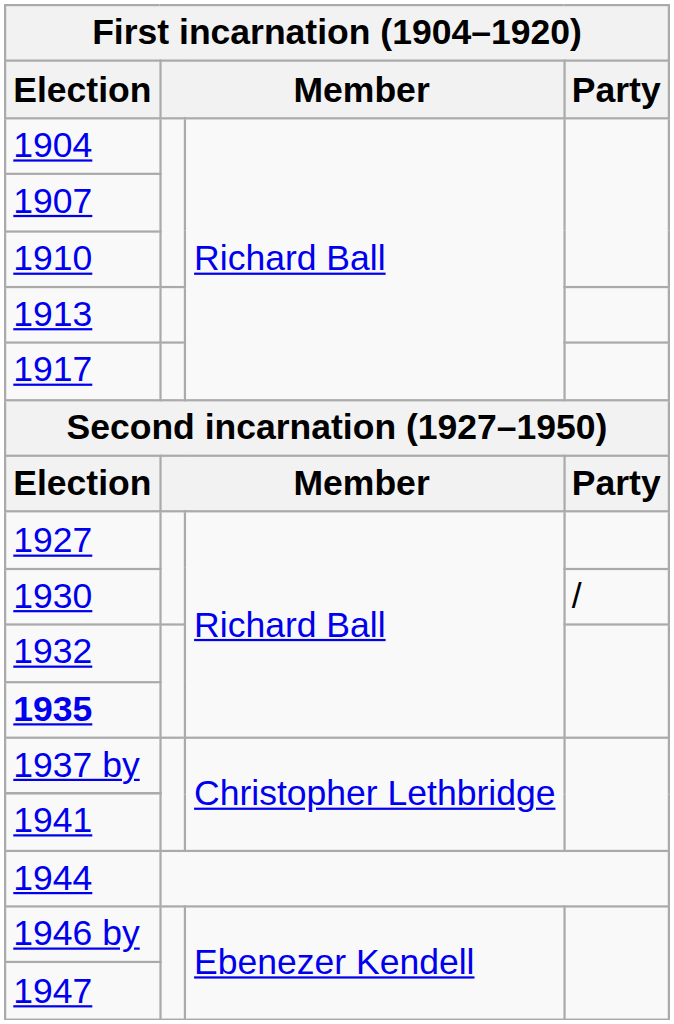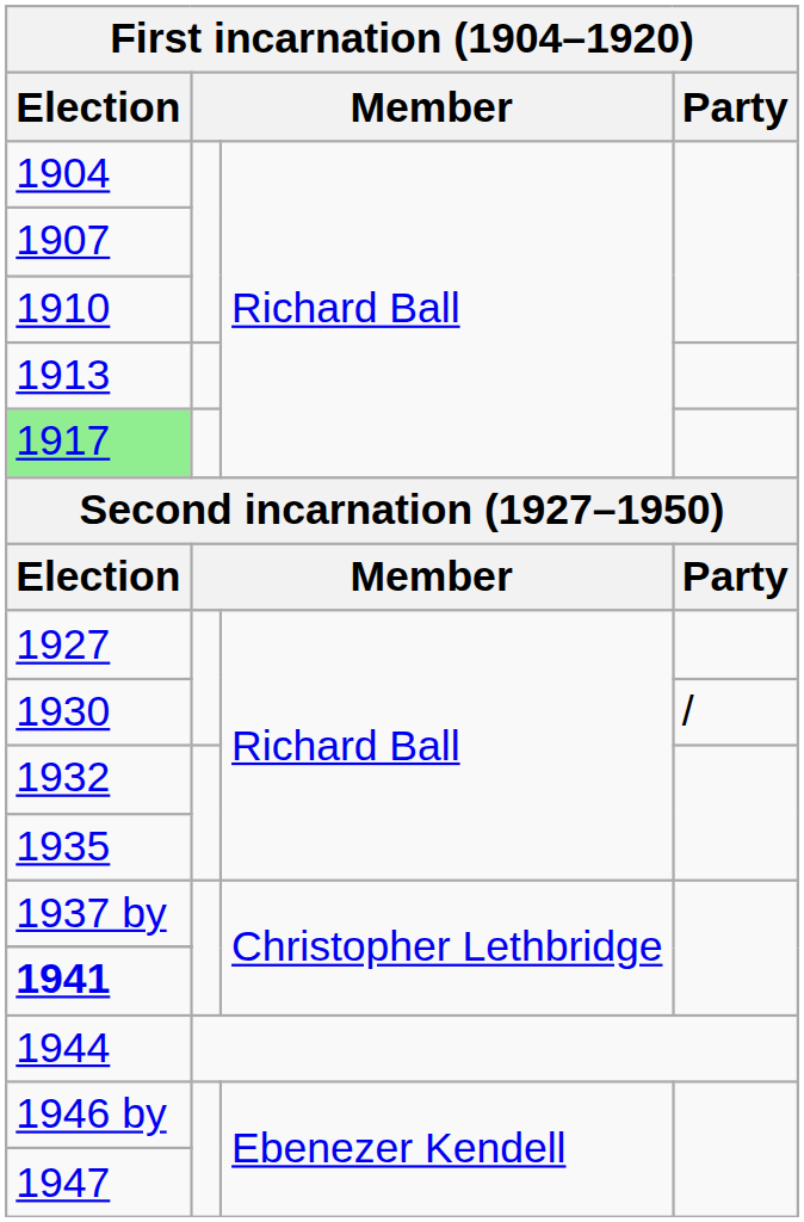 <table class="wikitable">
 <tr>
 <th colspan="4">First incarnation (1904–1920)</th>
 </tr>
 <tr>
 <th>Election</th>
 <th colspan="2">Member</th>
 <th>Party</th>
 </tr>
 <tr>
 <td><a href='#'>1904</a></td>
 <td rowspan="3" > </td>
 <td rowspan="5"><a href='#'>Richard Ball</a></td>
 <td rowspan="3"></td>
 </tr>
 <tr>
 <td><a href='#'>1907</a></td>
 </tr>
 <tr>
 <td><a href='#'>1910</a></td>
 </tr>
 <tr>
 <td><a href='#'>1913</a></td>
 <td> </td>
 <td></td>
 </tr>
 <tr>
-<td><a href='#'>1917</a></td>
+<td style="background: lightgreen;"><a href='#'>1917</a></td>
 <td> </td>
 <td></td>
 </tr>
 <tr>
 <th colspan="4">Second incarnation (1927–1950)</th>
 </tr>
 <tr>
 <th>Election</th>
 <th colspan="2">Member</th>
 <th>Party</th>
 </tr>
 <tr>
 <td><a href='#'>1927</a></td>
 <td rowspan="2" > </td>
 <td rowspan="4"><a href='#'>Richard Ball</a></td>
 <td></td>
 </tr>
 <tr>
 <td><a href='#'>1930</a></td>
 <td> / </td>
 </tr>
 <tr>
 <td><a href='#'>1932</a></td>
 <td rowspan="2" > </td>
 <td rowspan="2"></td>
 </tr>
 <tr>
-<td><strong><a href='#'>1935</a></strong></td>
+<td><a href='#'>1935</a></td>
 </tr>
 <tr>
 <td><a href='#'>1937 by</a></td>
 <td rowspan="3" > </td>
 <td rowspan="3"><a href='#'>Christopher Lethbridge</a></td>
 <td rowspan="3"></td>
 </tr>
 <tr>
 </tr>
 <tr>
-<td><a href='#'>1941</a></td>
+<td><strong><a href='#'>1941</a></strong></td>
 </tr>
 <tr>
 <td><a href='#'>1944</a></td>
 </tr>
 <tr>
 <td><a href='#'>1946 by</a></td>
 <td rowspan="2" > </td>
 <td rowspan="2"><a href='#'>Ebenezer Kendell</a></td>
 <td rowspan="2"></td>
 </tr>
 <tr>
 <td><a href='#'>1947</a></td>
 </tr>
 </table>
